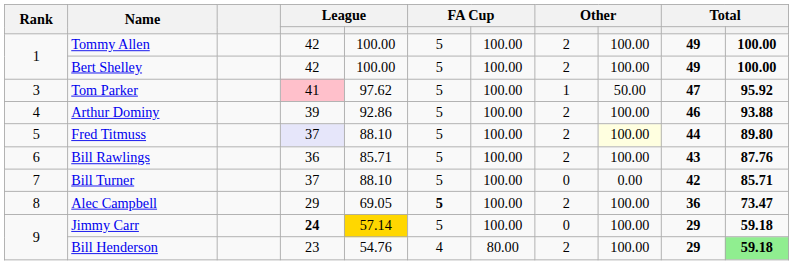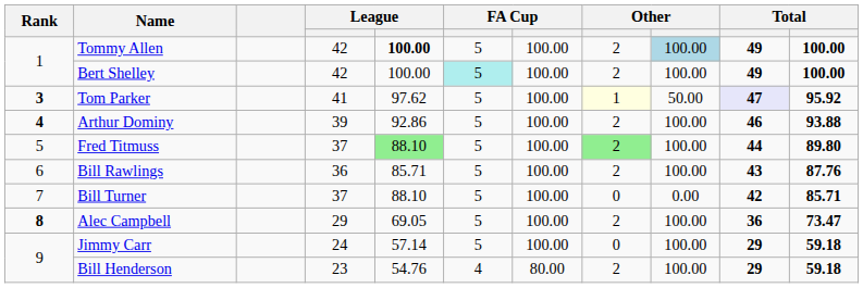 <table class="wikitable plainrowheaders" style="text-align:center;">
 <tr>
 <th scope="col" rowspan="2" style="width:4em;">Rank</th>
 <th scope="col" rowspan="2" style="width:10em;">Name</th>
 <th scope="col" rowspan="2" style="width:4em;"></th>
 <th scope="col" colspan="2">League</th>
 <th scope="col" colspan="2">FA Cup</th>
 <th scope="col" colspan="2">Other</th>
 <th scope="col" colspan="2">Total</th>
 </tr>
 <tr>
 <th scope="col" style="width:4em;"></th>
 <th scope="col" style="width:4em;"></th>
 <th scope="col" style="width:4em;"></th>
 <th scope="col" style="width:4em;"></th>
 <th scope="col" style="width:4em;"></th>
 <th scope="col" style="width:4em;"></th>
 <th scope="col" style="width:4em;"></th>
 <th scope="col" style="width:4em;"></th>
 </tr>
 <tr>
 <td rowspan="2">1</td>
 <td align="left"><a href='#'>Tommy Allen</a></td>
 <td></td>
 <td>42</td>
-<td>100.00</td>
+<td><strong>100.00</strong></td>
 <td>5</td>
 <td>100.00</td>
 <td>2</td>
-<td>100.00</td>
+<td style="background: lightblue;">100.00</td>
 <td><strong>49</strong></td>
 <td><strong>100.00</strong></td>
 </tr>
 <tr>
 <td align="left"><a href='#'>Bert Shelley</a></td>
 <td></td>
 <td>42</td>
 <td>100.00</td>
-<td>5</td>
+<td style="background: paleturquoise;">5</td>
 <td>100.00</td>
 <td>2</td>
 <td>100.00</td>
 <td><strong>49</strong></td>
 <td><strong>100.00</strong></td>
 </tr>
 <tr>
-<td>3</td>
+<td><strong>3</strong></td>
 <td align="left"><a href='#'>Tom Parker</a></td>
 <td></td>
-<td style="background: pink;">41</td>
+<td>41</td>
 <td>97.62</td>
 <td>5</td>
 <td>100.00</td>
-<td>1</td>
+<td style="background: lightyellow;">1</td>
 <td>50.00</td>
-<td><strong>47</strong></td>
+<td style="background: lavender;"><strong>47</strong></td>
 <td><strong>95.92</strong></td>
 </tr>
 <tr>
-<td>4</td>
+<td><strong>4</strong></td>
 <td align="left"><a href='#'>Arthur Dominy</a></td>
 <td></td>
 <td>39</td>
 <td>92.86</td>
 <td>5</td>
 <td>100.00</td>
 <td>2</td>
 <td>100.00</td>
 <td><strong>46</strong></td>
 <td><strong>93.88</strong></td>
 </tr>
 <tr>
 <td>5</td>
 <td align="left"><a href='#'>Fred Titmuss</a></td>
 <td></td>
-<td style="background: lavender;">37</td>
-<td>88.10</td>
+<td>37</td>
+<td style="background: lightgreen;">88.10</td>
 <td>5</td>
 <td>100.00</td>
-<td>2</td>
-<td style="background: lightyellow;">100.00</td>
+<td style="background: lightgreen;">2</td>
+<td>100.00</td>
 <td><strong>44</strong></td>
 <td><strong>89.80</strong></td>
 </tr>
 <tr>
 <td>6</td>
 <td align="left"><a href='#'>Bill Rawlings</a></td>
 <td></td>
 <td>36</td>
 <td>85.71</td>
 <td>5</td>
 <td>100.00</td>
 <td>2</td>
 <td>100.00</td>
 <td><strong>43</strong></td>
 <td><strong>87.76</strong></td>
 </tr>
 <tr>
 <td>7</td>
 <td align="left"><a href='#'>Bill Turner</a></td>
 <td></td>
 <td>37</td>
 <td>88.10</td>
 <td>5</td>
 <td>100.00</td>
 <td>0</td>
 <td>0.00</td>
 <td><strong>42</strong></td>
 <td><strong>85.71</strong></td>
 </tr>
 <tr>
-<td>8</td>
+<td><strong>8</strong></td>
 <td align="left"><a href='#'>Alec Campbell</a></td>
 <td></td>
 <td>29</td>
 <td>69.05</td>
-<td><strong>5</strong></td>
+<td>5</td>
 <td>100.00</td>
 <td>2</td>
 <td>100.00</td>
 <td><strong>36</strong></td>
 <td><strong>73.47</strong></td>
 </tr>
 <tr>
 <td rowspan="2">9</td>
 <td align="left"><a href='#'>Jimmy Carr</a></td>
 <td></td>
-<td><strong>24</strong></td>
-<td style="background: gold;">57.14</td>
+<td>24</td>
+<td>57.14</td>
 <td>5</td>
 <td>100.00</td>
 <td>0</td>
 <td>100.00</td>
 <td><strong>29</strong></td>
 <td><strong>59.18</strong></td>
 </tr>
 <tr>
 <td align="left"><a href='#'>Bill Henderson</a></td>
 <td></td>
 <td>23</td>
 <td>54.76</td>
 <td>4</td>
 <td>80.00</td>
 <td>2</td>
 <td>100.00</td>
 <td><strong>29</strong></td>
-<td style="background: lightgreen;"><strong>59.18</strong></td>
+<td><strong>59.18</strong></td>
 </tr>
 </table>
